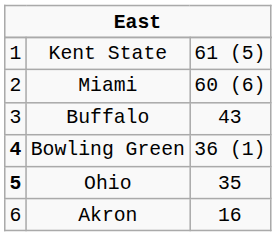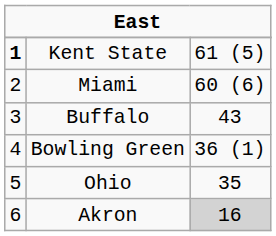 <table class="wikitable" style="display: inline-table;">
 <tr align="center">
 <td align="center" Colspan="3"><strong>East</strong></td>
 </tr>
 <tr align="center">
 </tr>
 <tr align="center">
-<td>1</td>
+<td><strong>1</strong></td>
 <td>Kent State</td>
 <td>61 (5)</td>
 </tr>
 <tr align="center">
 <td>2</td>
 <td>Miami</td>
 <td>60 (6)</td>
 </tr>
 <tr align="center">
 <td>3</td>
 <td>Buffalo</td>
 <td>43</td>
 </tr>
 <tr align="center">
-<td><strong>4</strong></td>
+<td>4</td>
 <td>Bowling Green</td>
 <td>36 (1)</td>
 </tr>
 <tr align="center">
-<td><strong>5</strong></td>
+<td>5</td>
 <td>Ohio</td>
 <td>35</td>
 </tr>
 <tr align="center">
 <td>6</td>
 <td>Akron</td>
-<td>16</td>
+<td style="background: lightgrey;">16</td>
 </tr>
 </table>
